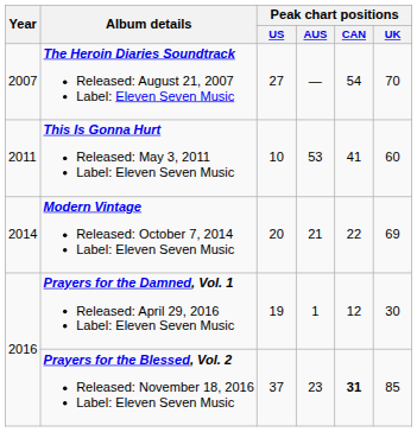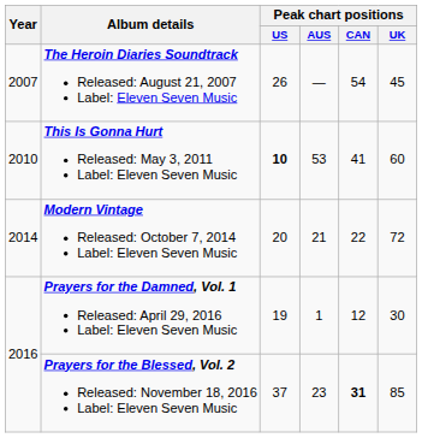 <table class="wikitable">
 <tr>
 <th rowspan="2">Year</th>
 <th rowspan="2">Album details</th>
 <th colspan="4">Peak chart positions</th>
 </tr>
 <tr>
 <th style="width:3em;font-size:85%"><a href='#'>US</a><br></th>
 <th style="width:3em;font-size:85%"><a href='#'>AUS</a><br></th>
 <th style="width:3em;font-size:85%"><a href='#'>CAN</a></th>
 <th style="width:3em;font-size:85%"><a href='#'>UK</a><br></th>
 </tr>
 <tr>
 <td>2007</td>
 <td><strong><em><a href='#'>The Heroin Diaries Soundtrack</a></em></strong><br><ul><li>Released: August 21, 2007</li><li>Label: <a href='#'>Eleven Seven Music</a></li></ul></td>
-<td style="text-align:center;">27</td>
+<td style="text-align:center;">26</td>
 <td style="text-align:center;">—</td>
 <td style="text-align:center;">54</td>
-<td style="text-align:center;">70</td>
+<td style="text-align:center;">45</td>
 </tr>
 <tr>
-<td>2011</td>
+<td>2010</td>
 <td><strong><em><a href='#'>This Is Gonna Hurt</a></em></strong><br><ul><li>Released: May 3, 2011</li><li>Label: Eleven Seven Music</li></ul></td>
-<td style="text-align:center;">10</td>
+<td style="text-align:center;"><strong>10</strong></td>
 <td style="text-align:center;">53</td>
 <td style="text-align:center;">41</td>
 <td style="text-align:center;">60</td>
 </tr>
 <tr>
 <td>2014</td>
 <td><strong><em><a href='#'>Modern Vintage</a></em></strong><br><ul><li>Released: October 7, 2014</li><li>Label: Eleven Seven Music</li></ul></td>
 <td style="text-align:center;">20</td>
 <td style="text-align:center;">21</td>
 <td style="text-align:center;">22</td>
-<td style="text-align:center;">69</td>
+<td style="text-align:center;">72</td>
 </tr>
 <tr>
 <td rowspan="2">2016</td>
 <td><strong><em><a href='#'>Prayers for the Damned</a>, Vol. 1</em></strong><br><ul><li>Released: April 29, 2016</li><li>Label: Eleven Seven Music</li></ul></td>
 <td style="text-align:center;">19</td>
 <td style="text-align:center;">1</td>
 <td style="text-align:center;">12</td>
 <td style="text-align:center;">30</td>
 </tr>
 <tr>
 <td><strong><em><a href='#'>Prayers for the Blessed</a>, Vol. 2</em></strong><br><ul><li>Released: November 18, 2016</li><li>Label: Eleven Seven Music</li></ul></td>
 <td style="text-align:center;">37</td>
 <td style="text-align:center;">23</td>
 <td style="text-align:center;"><strong>31<br></strong></td>
 <td style="text-align:center;">85</td>
 </tr>
 </table>
